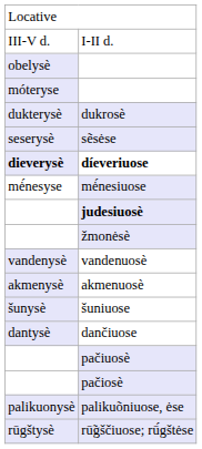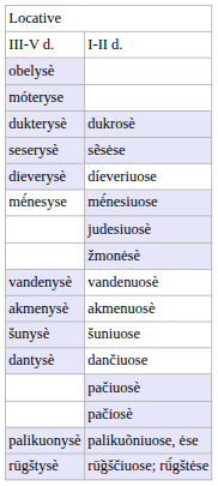 <table class=wikitable style="background: #FFFFFF; line-height: 1.3em;">
 <tr>
 <td colspan=3>Locative</td>
 </tr>
 <tr>
 <td>III-V d.</td>
 <td>I-II d.</td>
 </tr>
 <tr>
 <td style="background: #E6E6FA">obelysè</td>
 <td></td>
 </tr>
 <tr>
 <td style="background: #E6E6FA">móteryse</td>
 <td></td>
 </tr>
 <tr style="background: #E6E6FA">
 <td>dukterysè</td>
 <td>dukrosè</td>
 </tr>
 <tr style="background: #E6E6FA">
 <td>seserysè</td>
 <td>sẽsėse</td>
 </tr>
 <tr>
-<td style="background: #E6E6FA"><strong>dieverysè</strong></td>
-<td><strong>díeveriuose</strong></td>
+<td style="background: #E6E6FA">dieverysè</td>
+<td>díeveriuose</td>
 </tr>
 <tr>
 <td>mė́nesyse</td>
 <td style="background: #E6E6FA">mė́nesiuose</td>
 </tr>
 <tr>
 <td></td>
-<td style="background: #E6E6FA"><strong>judesiuosè</strong></td>
+<td style="background: #E6E6FA">judesiuosè</td>
 </tr>
 <tr>
 <td></td>
 <td style="background: #E6E6FA">žmonėsè</td>
 </tr>
 <tr>
 <td style="background: #E6E6FA">vandenysè</td>
 <td>vandenuosè</td>
 </tr>
 <tr>
 <td style="background: #E6E6FA">akmenysè</td>
 <td>akmenuosè</td>
 </tr>
 <tr>
 <td style="background: #E6E6FA">šunysè</td>
 <td>šuniuose</td>
 </tr>
 <tr>
 <td style="background: #E6E6FA">dantysè</td>
 <td>dančiuose</td>
 </tr>
 <tr>
 <td></td>
 <td style="background: #E6E6FA">pačiuosè</td>
 </tr>
 <tr>
 <td></td>
 <td style="background: #E6E6FA">pačiosè</td>
 </tr>
 <tr style="background: #E6E6FA">
 <td>palikuonysè</td>
 <td>palikuõniuose, ėse</td>
 </tr>
 <tr style="background: #E6E6FA">
 <td>rūgštysè</td>
 <td>rū̃gščiuose; rū́gštėse</td>
 </tr>
 </table>
